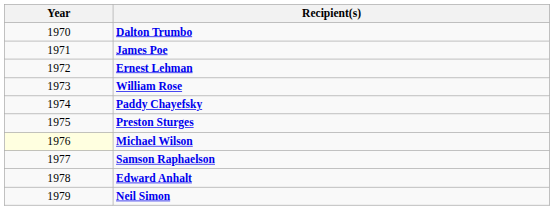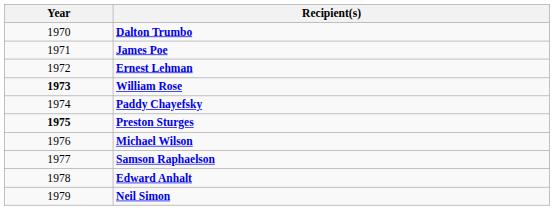 <table class="wikitable" style="width: 60%;">
 <tr>
 <th width="20%">Year</th>
 <th width="80%">Recipient(s)</th>
 </tr>
 <tr>
 <td style="text-align:center;">1970</td>
 <td><strong><a href='#'>Dalton Trumbo</a></strong></td>
 </tr>
 <tr>
 <td style="text-align:center;">1971</td>
 <td><strong><a href='#'>James Poe</a></strong></td>
 </tr>
 <tr>
 <td style="text-align:center;">1972</td>
 <td><strong><a href='#'>Ernest Lehman</a></strong></td>
 </tr>
 <tr>
-<td style="text-align:center;">1973</td>
+<td style="text-align:center;"><strong>1973</strong></td>
 <td><strong><a href='#'>William Rose</a></strong></td>
 </tr>
 <tr>
 <td style="text-align:center;">1974</td>
 <td><strong><a href='#'>Paddy Chayefsky</a></strong></td>
 </tr>
 <tr>
-<td style="text-align:center;">1975</td>
+<td style="text-align:center;"><strong>1975</strong></td>
 <td><strong><a href='#'>Preston Sturges</a></strong></td>
 </tr>
 <tr>
-<td style="background: lightyellow; text-align:center;">1976</td>
+<td style="text-align:center;">1976</td>
 <td><strong><a href='#'>Michael Wilson</a></strong></td>
 </tr>
 <tr>
 <td style="text-align:center;">1977</td>
 <td><strong><a href='#'>Samson Raphaelson</a></strong></td>
 </tr>
 <tr>
 <td style="text-align:center;">1978</td>
 <td><strong><a href='#'>Edward Anhalt</a></strong></td>
 </tr>
 <tr>
 <td style="text-align:center;">1979</td>
 <td><strong><a href='#'>Neil Simon</a></strong></td>
 </tr>
 </table>
